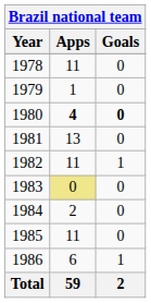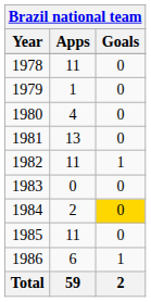 <table class="wikitable" style="text-align:center">
 <tr>
 <th colspan=3><a href='#'>Brazil national team</a></th>
 </tr>
 <tr>
 <th>Year</th>
 <th>Apps</th>
 <th>Goals</th>
 </tr>
 <tr>
 </tr>
 <tr>
 <td>1978</td>
 <td>11</td>
 <td>0</td>
 </tr>
 <tr>
 <td>1979</td>
 <td>1</td>
 <td>0</td>
 </tr>
 <tr>
 <td>1980</td>
-<td><strong>4</strong></td>
-<td><strong>0</strong></td>
+<td>4</td>
+<td>0</td>
 </tr>
 <tr>
 <td>1981</td>
 <td>13</td>
 <td>0</td>
 </tr>
 <tr>
 <td>1982</td>
 <td>11</td>
 <td>1</td>
 </tr>
 <tr>
 <td>1983</td>
-<td style="background: khaki;">0</td>
+<td>0</td>
 <td>0</td>
 </tr>
 <tr>
 <td>1984</td>
 <td>2</td>
-<td>0</td>
+<td style="background: gold;">0</td>
 </tr>
 <tr>
 <td>1985</td>
 <td>11</td>
 <td>0</td>
 </tr>
 <tr>
 <td>1986</td>
 <td>6</td>
 <td>1</td>
 </tr>
 <tr>
 <th>Total</th>
 <th>59</th>
 <th>2</th>
 </tr>
 </table>
